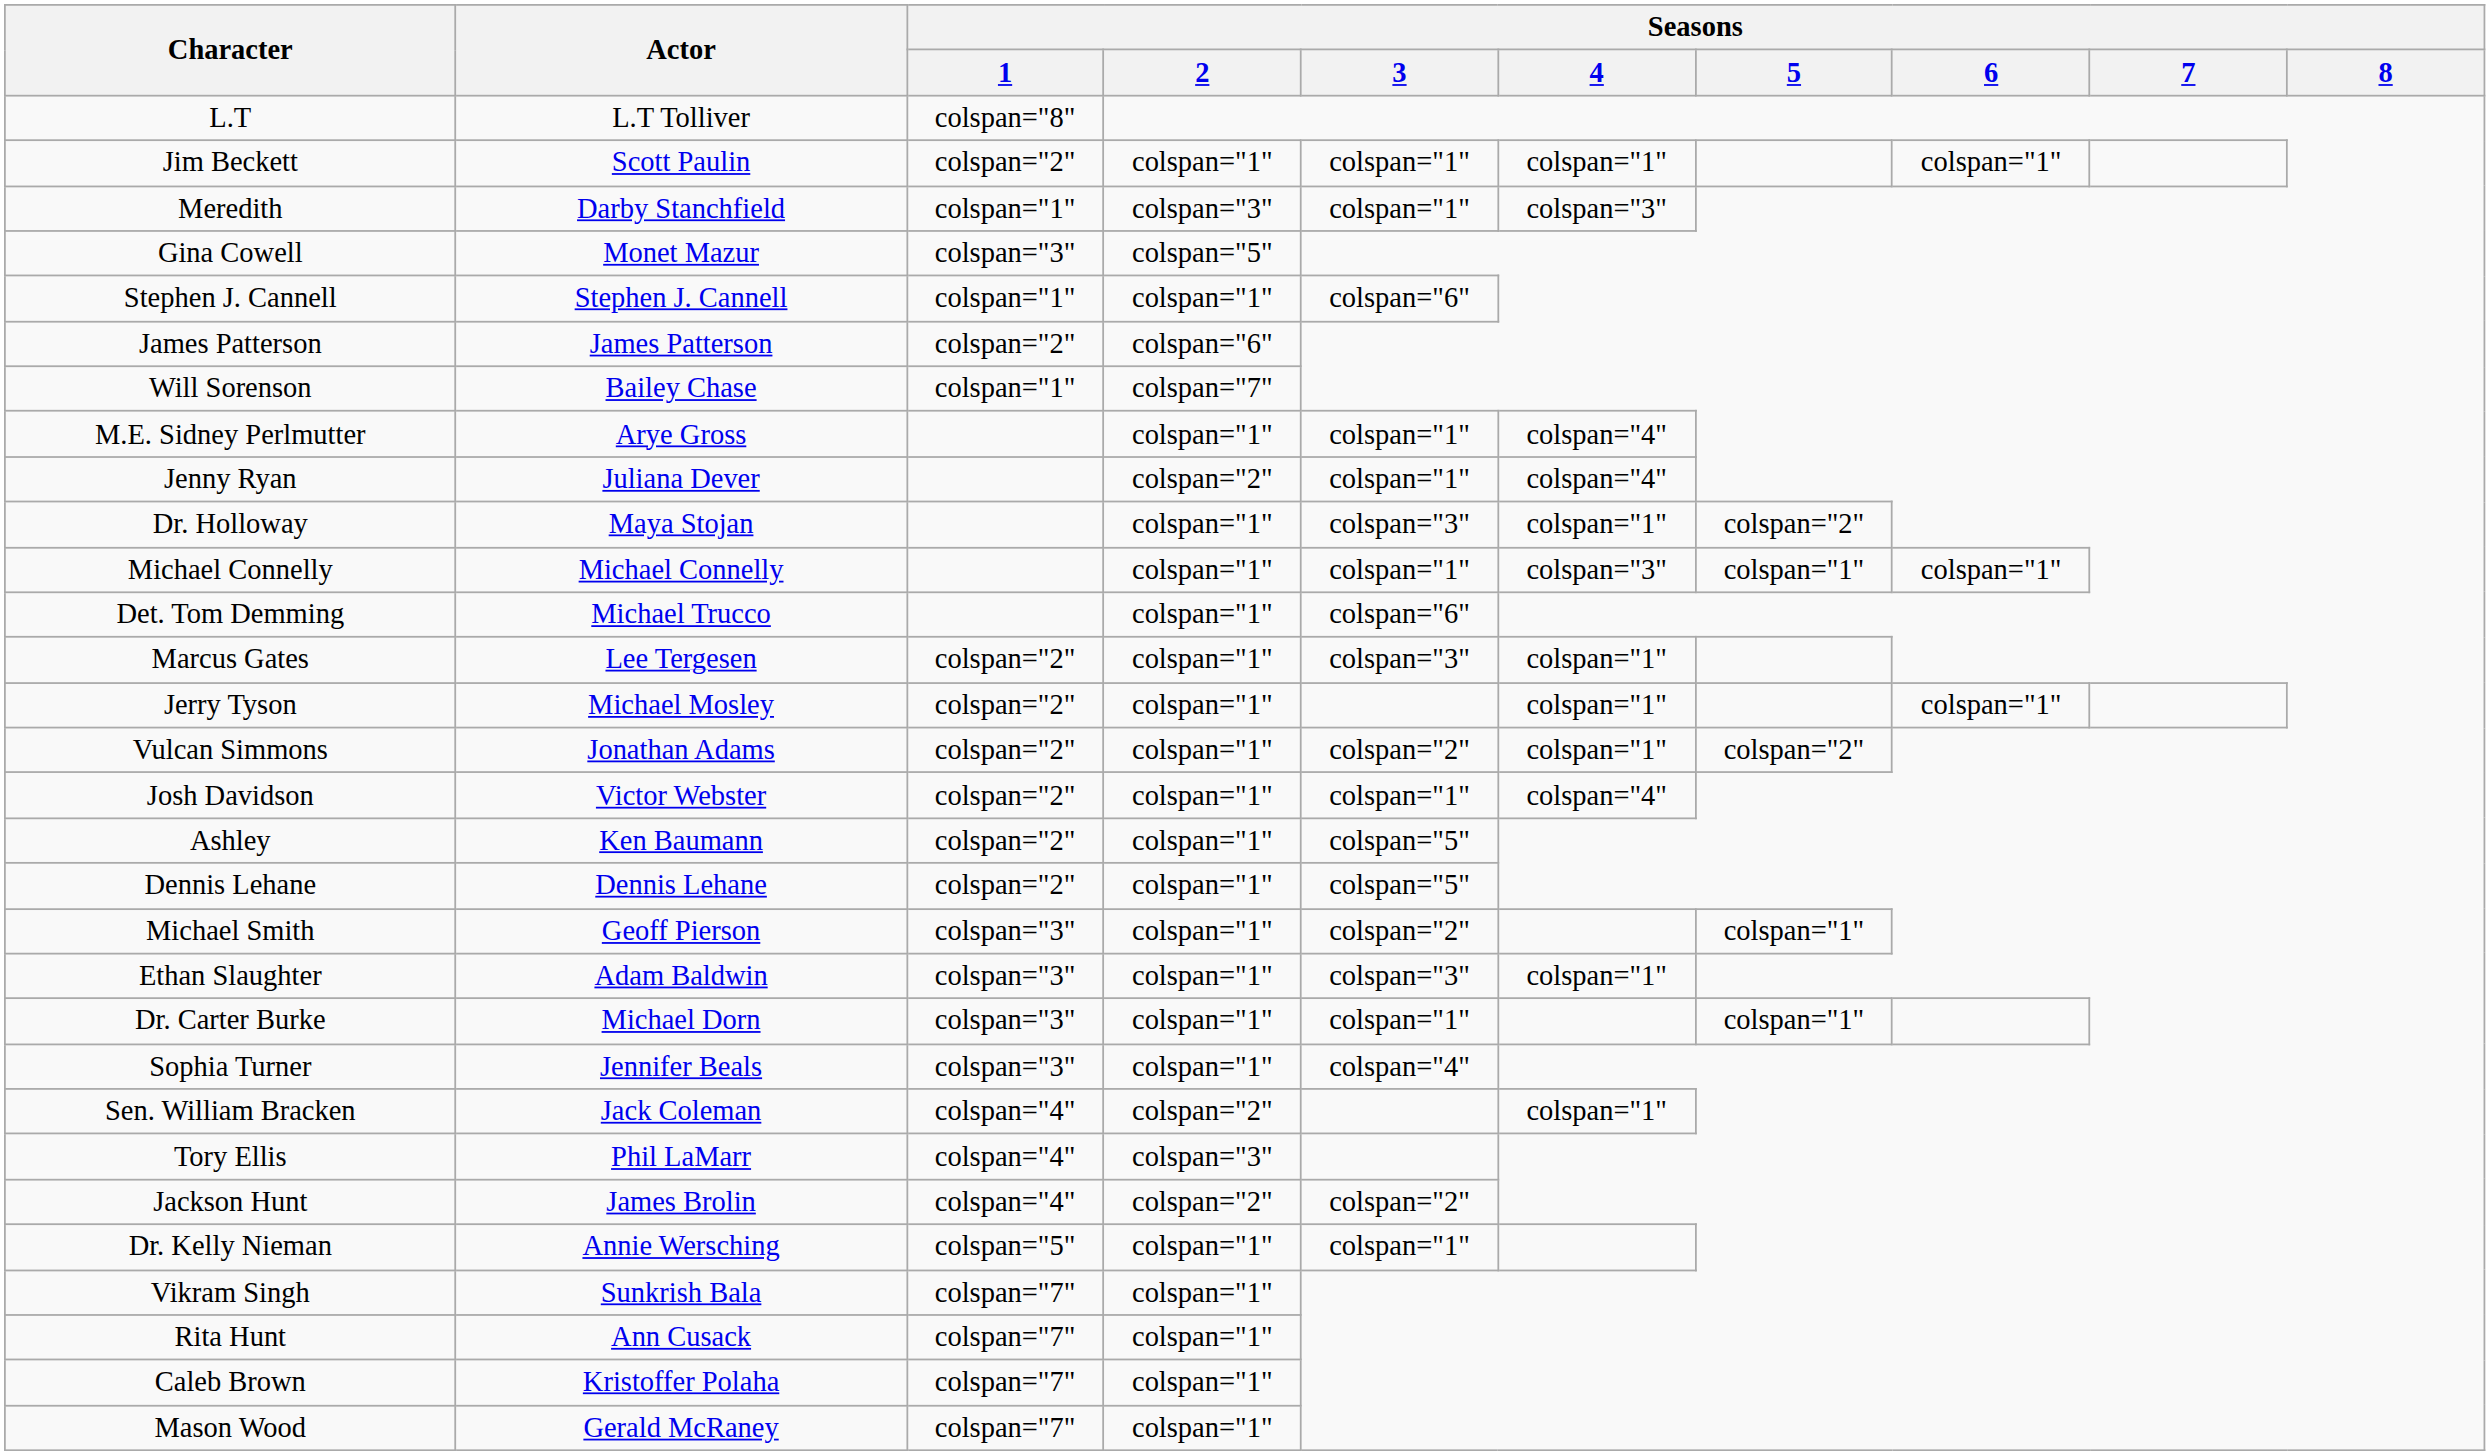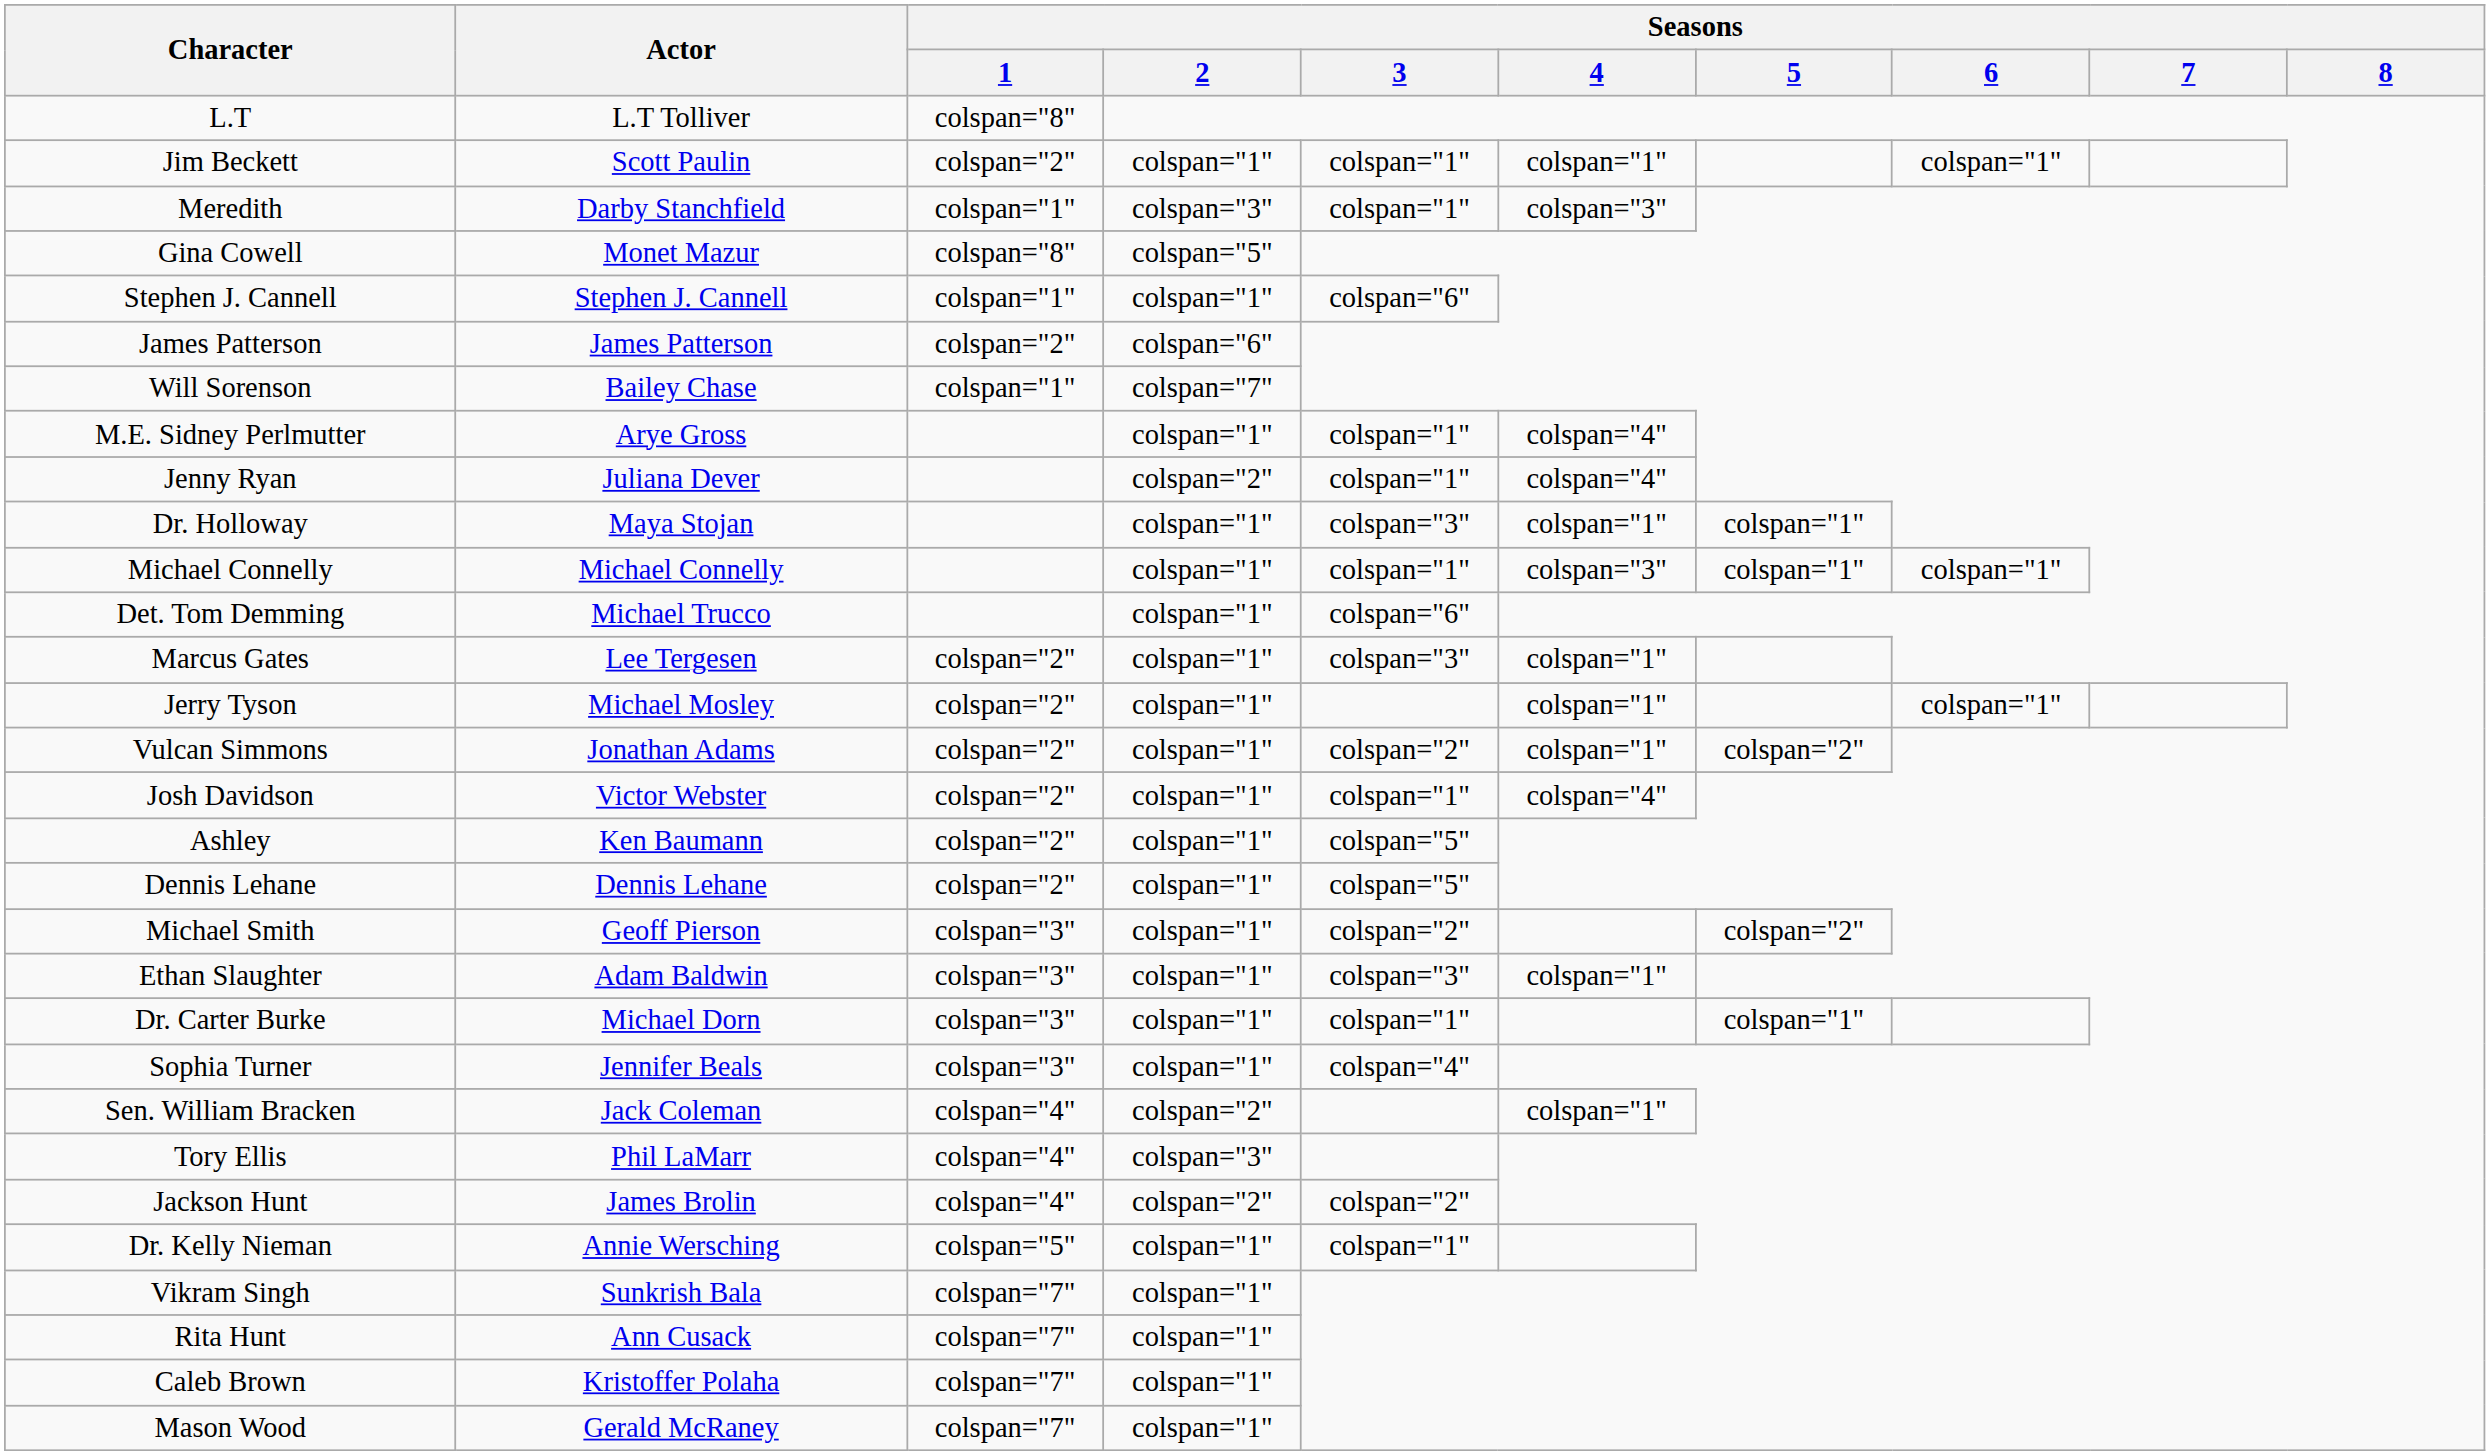 <table class="wikitable plainrowheaders" style="text-align:center; width:88%">
 <tr>
 <th scope="col" rowspan="2" style="width:16%;">Character</th>
 <th scope="col" rowspan="2" style="width:16%;">Actor</th>
 <th scope="col" colspan="8" style="width:56%;">Seasons</th>
 </tr>
 <tr>
 <th scope="col" style="width:7%;"><a href='#'>1</a></th>
 <th scope="col" style="width:7%;"><a href='#'>2</a></th>
 <th scope="col" style="width:7%;"><a href='#'>3</a></th>
 <th scope="col" style="width:7%;"><a href='#'>4</a></th>
 <th scope="col" style="width:7%;"><a href='#'>5</a></th>
 <th scope="col" style="width:7%;"><a href='#'>6</a></th>
 <th scope="col" style="width:7%;"><a href='#'>7</a></th>
 <th scope="col" style="width:7%;"><a href='#'>8</a></th>
 </tr>
 <tr>
 <td scope="row">L.T</td>
 <td>L.T Tolliver</td>
 <td>colspan="8" </td>
 </tr>
 <tr>
 <td scope="row">Jim Beckett</td>
 <td><a href='#'>Scott Paulin</a></td>
 <td>colspan="2" </td>
 <td>colspan="1" </td>
 <td>colspan="1" </td>
 <td>colspan="1" </td>
 <td></td>
 <td>colspan="1" </td>
 <td></td>
 </tr>
 <tr>
 <td scope="row">Meredith</td>
 <td><a href='#'>Darby Stanchfield</a></td>
 <td>colspan="1" </td>
 <td>colspan="3" </td>
 <td>colspan="1" </td>
 <td>colspan="3" </td>
 </tr>
 <tr>
 <td scope="row">Gina Cowell</td>
 <td><a href='#'>Monet Mazur</a></td>
-<td>colspan="3" </td>
+<td>colspan="8" </td>
 <td>colspan="5" </td>
 </tr>
 <tr>
 <td scope="row">Stephen J. Cannell</td>
 <td><a href='#'>Stephen J. Cannell</a></td>
 <td>colspan="1" </td>
 <td>colspan="1" </td>
 <td>colspan="6" </td>
 </tr>
 <tr>
 <td scope="row">James Patterson</td>
 <td><a href='#'>James Patterson</a></td>
 <td>colspan="2" </td>
 <td>colspan="6" </td>
 </tr>
 <tr>
 <td scope="row">Will Sorenson</td>
 <td><a href='#'>Bailey Chase</a></td>
 <td>colspan="1" </td>
 <td>colspan="7" </td>
 </tr>
 <tr>
 <td scope="row">M.E. Sidney Perlmutter</td>
 <td><a href='#'>Arye Gross</a></td>
 <td></td>
 <td>colspan="1" </td>
 <td>colspan="1" </td>
 <td>colspan="4" </td>
 </tr>
 <tr>
 <td scope="row">Jenny Ryan</td>
 <td><a href='#'>Juliana Dever</a></td>
 <td></td>
 <td>colspan="2" </td>
 <td>colspan="1" </td>
 <td>colspan="4" </td>
 </tr>
 <tr>
 <td scope="row">Dr. Holloway</td>
 <td><a href='#'>Maya Stojan</a></td>
 <td></td>
 <td>colspan="1" </td>
 <td>colspan="3" </td>
 <td>colspan="1" </td>
-<td>colspan="2" </td>
+<td>colspan="1" </td>
 </tr>
 <tr>
 <td scope="row">Michael Connelly</td>
 <td><a href='#'>Michael Connelly</a></td>
 <td></td>
 <td>colspan="1" </td>
 <td>colspan="1" </td>
 <td>colspan="3" </td>
 <td>colspan="1" </td>
 <td>colspan="1" </td>
 </tr>
 <tr>
 <td scope="row">Det. Tom Demming</td>
 <td><a href='#'>Michael Trucco</a></td>
 <td></td>
 <td>colspan="1" </td>
 <td>colspan="6" </td>
 </tr>
 <tr>
 <td scope="row">Marcus Gates</td>
 <td><a href='#'>Lee Tergesen</a></td>
 <td>colspan="2" </td>
 <td>colspan="1" </td>
 <td>colspan="3" </td>
 <td>colspan="1" </td>
 <td></td>
 </tr>
 <tr>
 <td scope="row">Jerry Tyson</td>
 <td><a href='#'>Michael Mosley</a></td>
 <td>colspan="2" </td>
 <td>colspan="1" </td>
 <td></td>
 <td>colspan="1" </td>
 <td></td>
 <td>colspan="1" </td>
 <td></td>
 </tr>
 <tr>
 <td scope="row">Vulcan Simmons</td>
 <td><a href='#'>Jonathan Adams</a></td>
 <td>colspan="2" </td>
 <td>colspan="1" </td>
 <td>colspan="2" </td>
 <td>colspan="1" </td>
 <td>colspan="2" </td>
 </tr>
 <tr>
 <td scope="row">Josh Davidson</td>
 <td><a href='#'>Victor Webster</a></td>
 <td>colspan="2" </td>
 <td>colspan="1" </td>
 <td>colspan="1" </td>
 <td>colspan="4" </td>
 </tr>
 <tr>
 <td scope="row">Ashley</td>
 <td><a href='#'>Ken Baumann</a></td>
 <td>colspan="2" </td>
 <td>colspan="1" </td>
 <td>colspan="5" </td>
 </tr>
 <tr>
 <td scope="row">Dennis Lehane</td>
 <td><a href='#'>Dennis Lehane</a></td>
 <td>colspan="2" </td>
 <td>colspan="1" </td>
 <td>colspan="5" </td>
 </tr>
 <tr>
 <td scope="row">Michael Smith</td>
 <td><a href='#'>Geoff Pierson</a></td>
 <td>colspan="3" </td>
 <td>colspan="1" </td>
 <td>colspan="2" </td>
 <td></td>
-<td>colspan="1" </td>
+<td>colspan="2" </td>
 </tr>
 <tr>
 <td scope="row">Ethan Slaughter</td>
 <td><a href='#'>Adam Baldwin</a></td>
 <td>colspan="3" </td>
 <td>colspan="1" </td>
 <td>colspan="3" </td>
 <td>colspan="1" </td>
 </tr>
 <tr>
 <td scope="row">Dr. Carter Burke</td>
 <td><a href='#'>Michael Dorn</a></td>
 <td>colspan="3" </td>
 <td>colspan="1" </td>
 <td>colspan="1" </td>
 <td></td>
 <td>colspan="1" </td>
 <td></td>
 </tr>
 <tr>
 <td scope="row">Sophia Turner</td>
 <td><a href='#'>Jennifer Beals</a></td>
 <td>colspan="3" </td>
 <td>colspan="1" </td>
 <td>colspan="4" </td>
 </tr>
 <tr>
 <td scope="row">Sen. William Bracken</td>
 <td><a href='#'>Jack Coleman</a></td>
 <td>colspan="4" </td>
 <td>colspan="2" </td>
 <td></td>
 <td>colspan="1" </td>
 </tr>
 <tr>
 <td scope="row">Tory Ellis</td>
 <td><a href='#'>Phil LaMarr</a></td>
 <td>colspan="4" </td>
 <td>colspan="3" </td>
 <td></td>
 </tr>
 <tr>
 <td scope="row">Jackson Hunt</td>
 <td><a href='#'>James Brolin</a></td>
 <td>colspan="4" </td>
 <td>colspan="2" </td>
 <td>colspan="2" </td>
 </tr>
 <tr>
 <td scope="row">Dr. Kelly Nieman</td>
 <td><a href='#'>Annie Wersching</a></td>
 <td>colspan="5" </td>
 <td>colspan="1" </td>
 <td>colspan="1" </td>
 <td></td>
 </tr>
 <tr>
 <td scope="row">Vikram Singh</td>
 <td><a href='#'>Sunkrish Bala</a></td>
 <td>colspan="7" </td>
 <td>colspan="1" </td>
 </tr>
 <tr>
 <td scope="row">Rita Hunt</td>
 <td><a href='#'>Ann Cusack</a></td>
 <td>colspan="7" </td>
 <td>colspan="1" </td>
 </tr>
 <tr>
 <td scope="row">Caleb Brown</td>
 <td><a href='#'>Kristoffer Polaha</a></td>
 <td>colspan="7" </td>
 <td>colspan="1" </td>
 </tr>
 <tr>
 <td scope="row">Mason Wood</td>
 <td><a href='#'>Gerald McRaney</a></td>
 <td>colspan="7" </td>
 <td>colspan="1" </td>
 </tr>
 </table>
